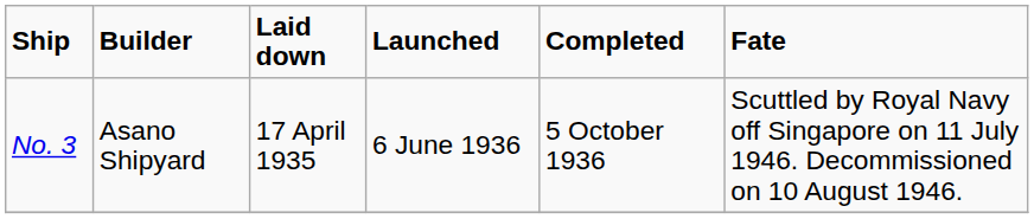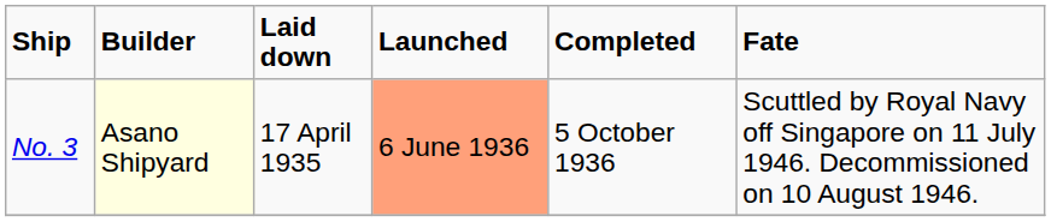 <table class="wikitable">
 <tr>
 <td width="4%"><strong>Ship</strong></td>
 <td width="9%"><strong>Builder</strong></td>
 <td width="8%" bgcolor=><strong>Laid down</strong></td>
 <td width="8%" bgcolor=><strong>Launched</strong></td>
 <td width="8%" bgcolor=><strong>Completed</strong></td>
 <td width="20%" bgcolor=><strong>Fate</strong></td>
 </tr>
 <tr>
 <td><a href='#'><em>No. 3</em></a></td>
-<td>Asano Shipyard</td>
+<td style="background: lightyellow;">Asano Shipyard</td>
 <td>17 April 1935</td>
-<td>6 June 1936</td>
+<td style="background: lightsalmon;">6 June 1936</td>
 <td>5 October 1936</td>
 <td>Scuttled by Royal Navy off Singapore on 11 July 1946. Decommissioned on 10 August 1946.</td>
 </tr>
 <tr>
 </tr>
 </table>
